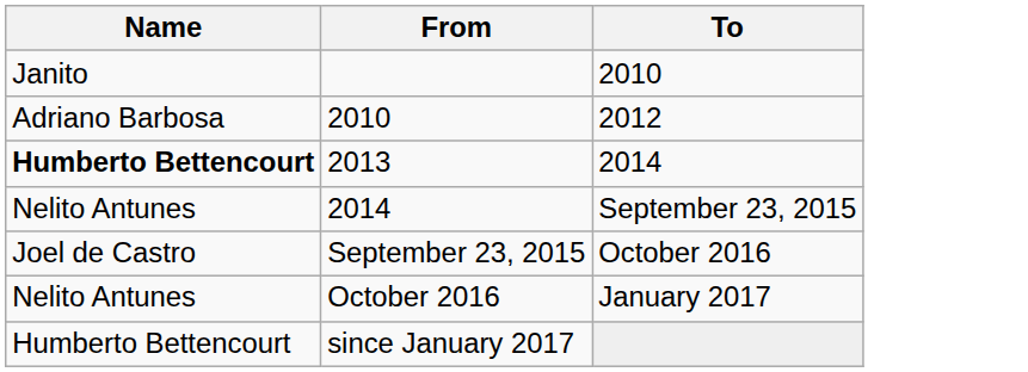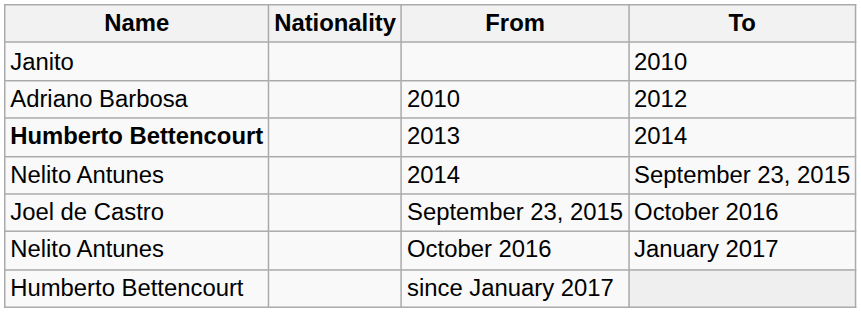 <table class="wikitable sortable">
 <tr>
 <th>Name</th>
+<th>Nationality</th>
 <th>From</th>
 <th class="unsortable">To</th>
 </tr>
 <tr>
 <td>Janito</td>
 <td></td>
+<td></td>
 <td>2010</td>
 </tr>
 <tr>
 <td>Adriano Barbosa</td>
+<td></td>
 <td>2010</td>
 <td>2012</td>
 </tr>
 <tr>
 <td><strong>Humberto Bettencourt</strong></td>
+<td></td>
 <td>2013</td>
 <td>2014</td>
 </tr>
 <tr>
 <td>Nelito Antunes</td>
+<td></td>
 <td>2014</td>
 <td>September 23, 2015</td>
 </tr>
 <tr>
 <td>Joel de Castro</td>
+<td></td>
 <td>September 23, 2015</td>
 <td>October 2016</td>
 </tr>
 <tr>
 <td>Nelito Antunes</td>
+<td></td>
 <td>October 2016</td>
 <td>January 2017</td>
 </tr>
 <tr>
 <td>Humberto Bettencourt</td>
+<td></td>
 <td>since January 2017</td>
 <td bgcolor="#EFEFEF"></td>
 </tr>
 </table>
